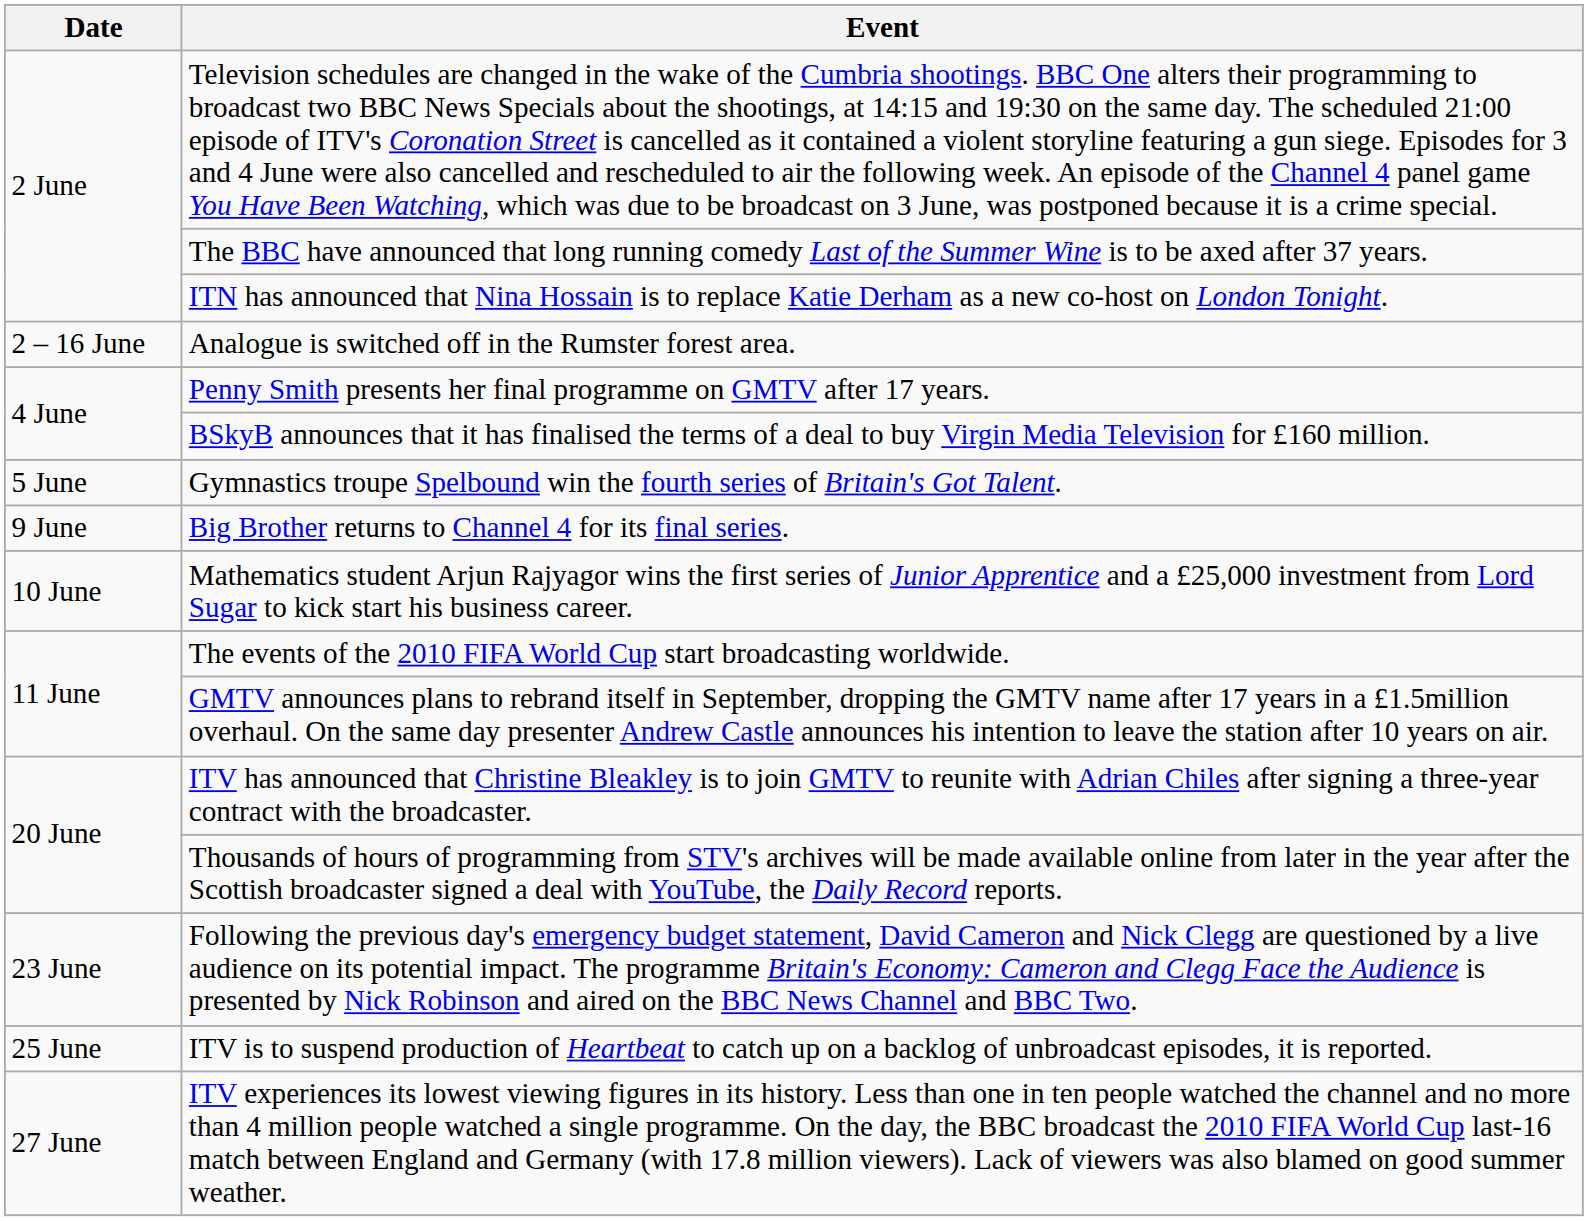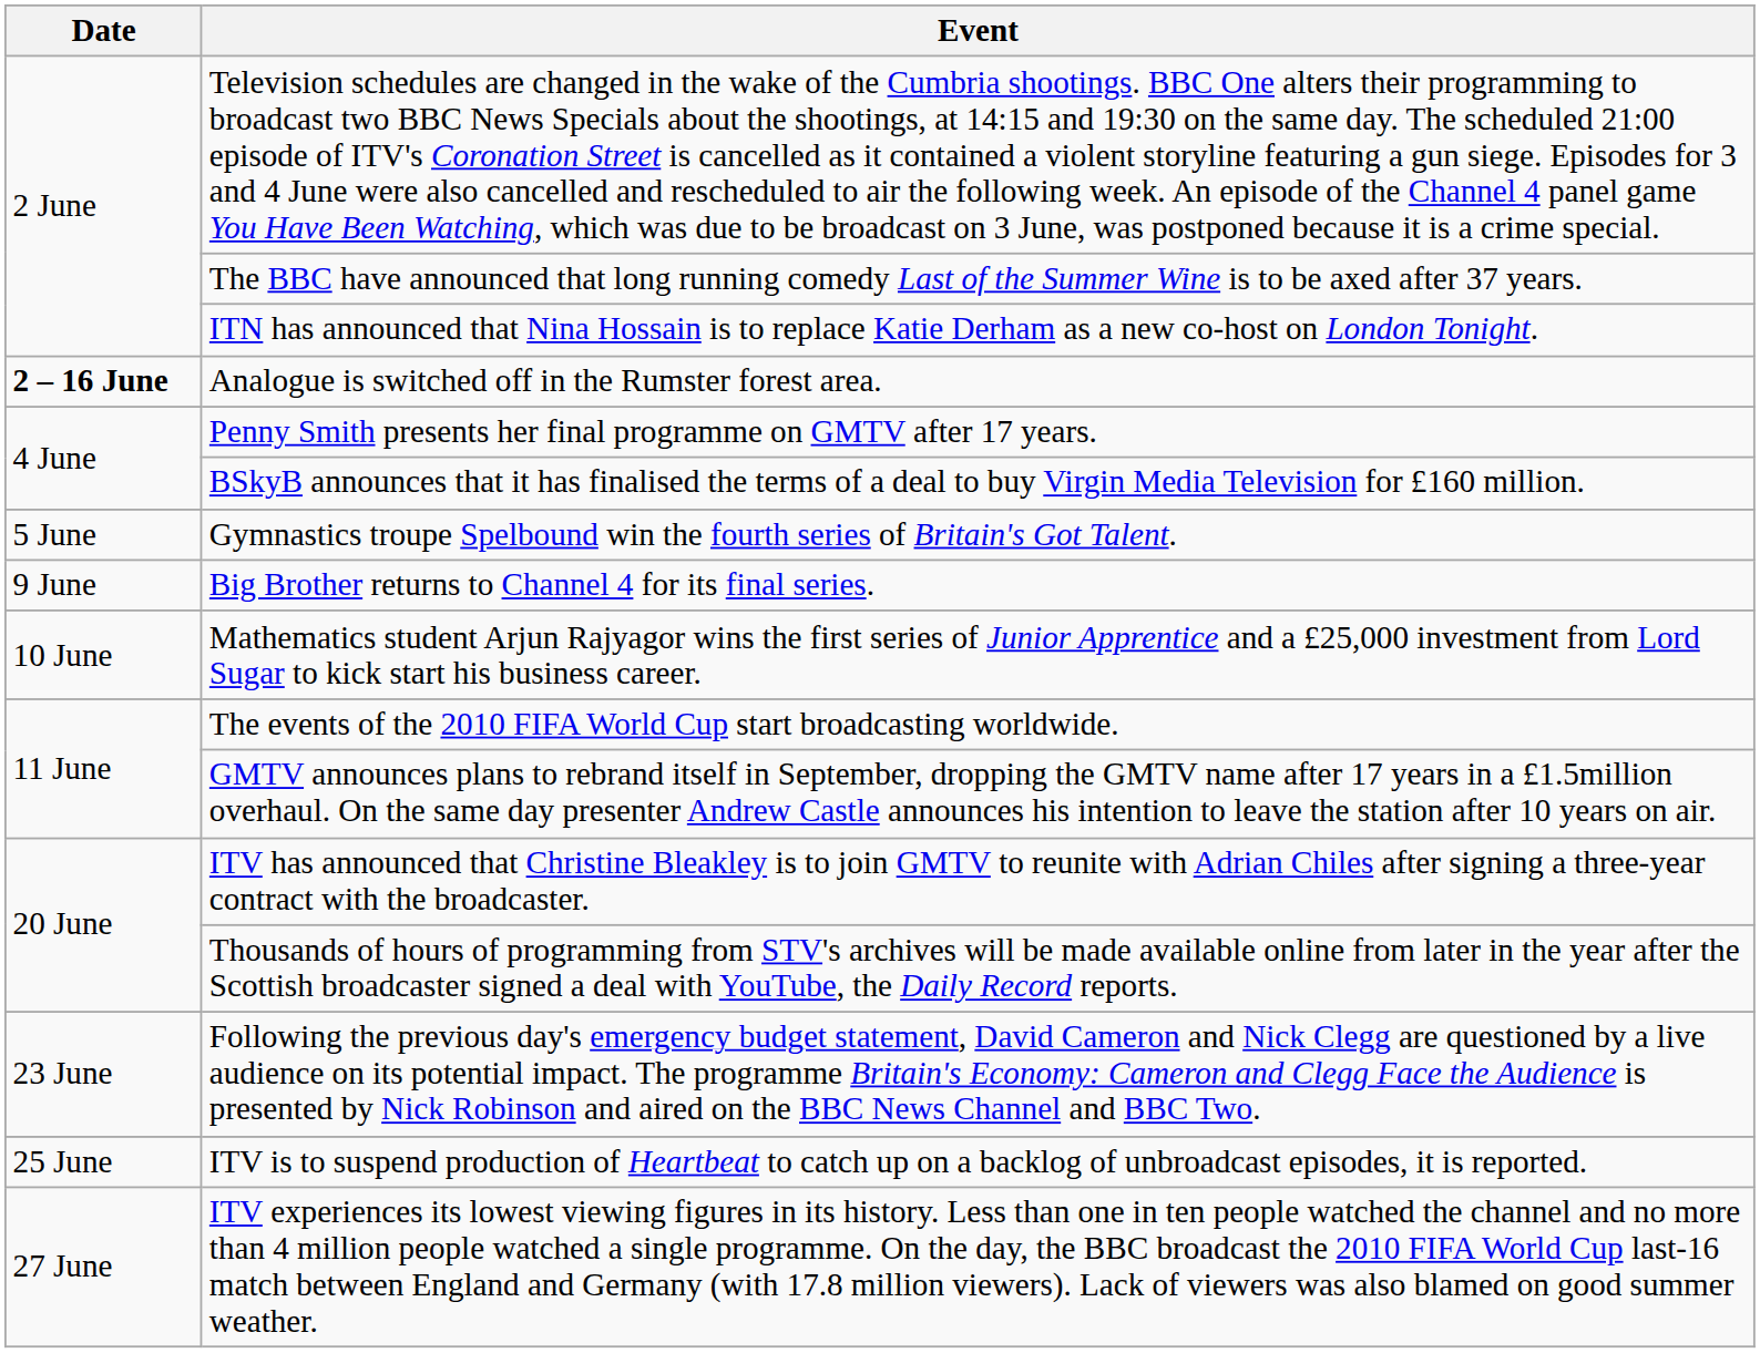 <table class="wikitable">
 <tr>
 <th width=90>Date</th>
 <th>Event</th>
 </tr>
 <tr>
 <td rowspan=3>2 June</td>
 <td>Television schedules are changed in the wake of the <a href='#'>Cumbria shootings</a>. <a href='#'>BBC One</a> alters their programming to broadcast two BBC News Specials about the shootings, at 14:15 and 19:30 on the same day. The scheduled 21:00 episode of ITV's <em><a href='#'>Coronation Street</a></em> is cancelled as it contained a violent storyline featuring a gun siege. Episodes for 3 and 4 June were also cancelled and rescheduled to air the following week. An episode of the <a href='#'>Channel 4</a> panel game <em><a href='#'>You Have Been Watching</a></em>, which was due to be broadcast on 3 June, was postponed because it is a crime special.</td>
 </tr>
 <tr>
 <td>The <a href='#'>BBC</a> have announced that long running comedy <em><a href='#'>Last of the Summer Wine</a></em> is to be axed after 37 years.</td>
 </tr>
 <tr>
 <td><a href='#'>ITN</a> has announced that <a href='#'>Nina Hossain</a> is to replace <a href='#'>Katie Derham</a> as a new co-host on <em><a href='#'>London Tonight</a></em>.</td>
 </tr>
 <tr>
-<td>2 – 16 June</td>
+<td><strong>2 – 16 June</strong></td>
 <td>Analogue is switched off in the Rumster forest area.</td>
 </tr>
 <tr>
 <td rowspan=2>4 June</td>
 <td><a href='#'>Penny Smith</a> presents her final programme on <a href='#'>GMTV</a> after 17 years.</td>
 </tr>
 <tr>
 <td><a href='#'>BSkyB</a> announces that it has finalised the terms of a deal to buy <a href='#'>Virgin Media Television</a> for £160 million.</td>
 </tr>
 <tr>
 <td>5 June</td>
 <td>Gymnastics troupe <a href='#'>Spelbound</a> win the <a href='#'>fourth series</a> of <em><a href='#'>Britain's Got Talent</a></em>.</td>
 </tr>
 <tr>
 <td>9 June</td>
 <td><a href='#'>Big Brother</a> returns to <a href='#'>Channel 4</a> for its <a href='#'>final series</a>.</td>
 </tr>
 <tr>
 <td>10 June</td>
 <td>Mathematics student Arjun Rajyagor wins the first series of <em><a href='#'>Junior Apprentice</a></em> and a £25,000 investment from <a href='#'>Lord Sugar</a> to kick start his business career.</td>
 </tr>
 <tr>
 <td rowspan=2>11 June</td>
 <td>The events of the <a href='#'>2010 FIFA World Cup</a> start broadcasting worldwide.</td>
 </tr>
 <tr>
 <td><a href='#'>GMTV</a> announces plans to rebrand itself in September, dropping the GMTV name after 17 years in a £1.5million overhaul. On the same day presenter <a href='#'>Andrew Castle</a> announces his intention to leave the station after 10 years on air.</td>
 </tr>
 <tr>
 <td rowspan=2>20 June</td>
 <td><a href='#'>ITV</a> has announced that <a href='#'>Christine Bleakley</a> is to join <a href='#'>GMTV</a> to reunite with <a href='#'>Adrian Chiles</a> after signing a three-year contract with the broadcaster.</td>
 </tr>
 <tr>
 <td>Thousands of hours of programming from <a href='#'>STV</a>'s archives will be made available online from later in the year after the Scottish broadcaster signed a deal with <a href='#'>YouTube</a>, the <em><a href='#'>Daily Record</a></em> reports.</td>
 </tr>
 <tr>
 <td>23 June</td>
 <td>Following the previous day's <a href='#'>emergency budget statement</a>, <a href='#'>David Cameron</a> and <a href='#'>Nick Clegg</a> are questioned by a live audience on its potential impact. The programme <em><a href='#'>Britain's Economy: Cameron and Clegg Face the Audience</a></em> is presented by <a href='#'>Nick Robinson</a> and aired on the <a href='#'>BBC News Channel</a> and <a href='#'>BBC Two</a>.</td>
 </tr>
 <tr>
 <td>25 June</td>
 <td>ITV is to suspend production of <em><a href='#'>Heartbeat</a></em> to catch up on a backlog of unbroadcast episodes, it is reported.</td>
 </tr>
 <tr>
 <td>27 June</td>
 <td><a href='#'>ITV</a> experiences its lowest viewing figures in its history. Less than one in ten people watched the channel and no more than 4 million people watched a single programme. On the day, the BBC broadcast the <a href='#'>2010 FIFA World Cup</a> last-16 match between England and Germany (with 17.8 million viewers). Lack of viewers was also blamed on good summer weather.</td>
 </tr>
 </table>
